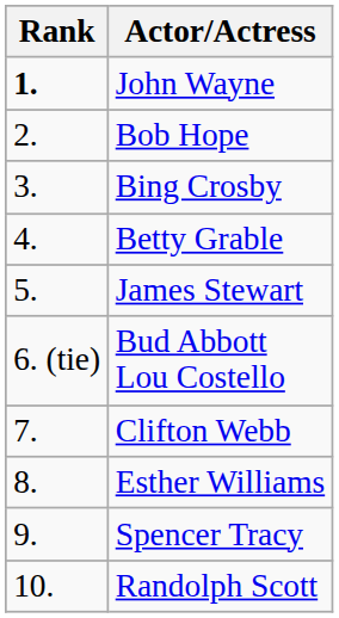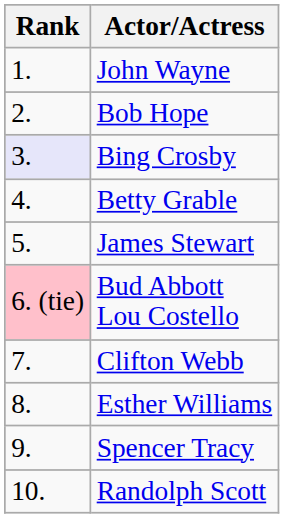 <table class="wikitable">
 <tr>
 <th>Rank</th>
 <th>Actor/Actress</th>
 </tr>
 <tr>
-<td><strong>1.</strong></td>
+<td>1.</td>
 <td><a href='#'>John Wayne</a></td>
 </tr>
 <tr>
 <td>2.</td>
 <td><a href='#'>Bob Hope</a></td>
 </tr>
 <tr>
-<td>3.</td>
+<td style="background: lavender;">3.</td>
 <td><a href='#'>Bing Crosby</a></td>
 </tr>
 <tr>
 <td>4.</td>
 <td><a href='#'>Betty Grable</a></td>
 </tr>
 <tr>
 <td>5.</td>
 <td><a href='#'>James Stewart</a></td>
 </tr>
 <tr>
-<td>6. (tie)</td>
+<td style="background: pink;">6. (tie)</td>
 <td><a href='#'>Bud Abbott</a><br><a href='#'>Lou Costello</a></td>
 </tr>
 <tr>
 <td>7.</td>
 <td><a href='#'>Clifton Webb</a></td>
 </tr>
 <tr>
 <td>8.</td>
 <td><a href='#'>Esther Williams</a></td>
 </tr>
 <tr>
 <td>9.</td>
 <td><a href='#'>Spencer Tracy</a></td>
 </tr>
 <tr>
 <td>10.</td>
 <td><a href='#'>Randolph Scott</a></td>
 </tr>
 </table>
